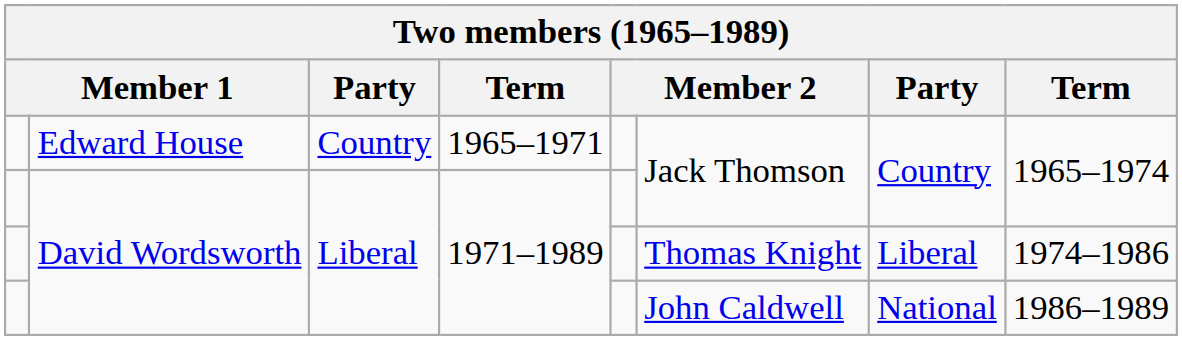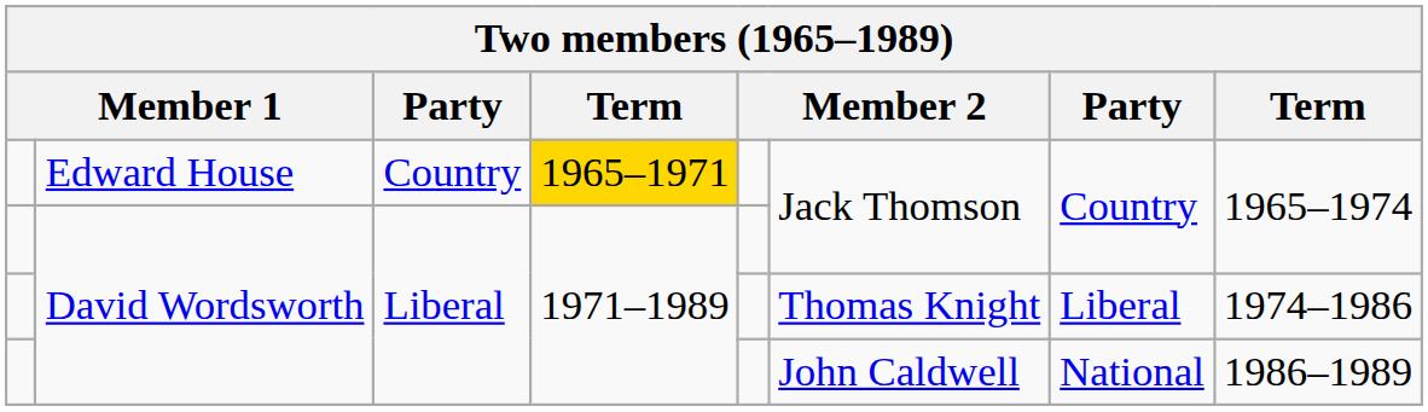 <table class="wikitable">
 <tr>
 <th colspan="8">Two members (1965–1989)</th>
 </tr>
 <tr>
 <th colspan="2">Member 1</th>
 <th>Party</th>
 <th>Term</th>
 <th colspan="2">Member 2</th>
 <th>Party</th>
 <th>Term</th>
 </tr>
 <tr>
 <td> </td>
 <td><a href='#'>Edward House</a></td>
 <td><a href='#'>Country</a></td>
-<td>1965–1971</td>
+<td style="background: gold;">1965–1971</td>
 <td> </td>
 <td rowspan="2">Jack Thomson</td>
 <td rowspan="2"><a href='#'>Country</a></td>
 <td rowspan="2">1965–1974</td>
 </tr>
 <tr>
 <td> </td>
 <td rowspan="3"><a href='#'>David Wordsworth</a></td>
 <td rowspan="3"><a href='#'>Liberal</a></td>
 <td rowspan="3">1971–1989</td>
 <td> </td>
 </tr>
 <tr>
 <td> </td>
 <td> </td>
 <td><a href='#'>Thomas Knight</a></td>
 <td><a href='#'>Liberal</a></td>
 <td>1974–1986</td>
 </tr>
 <tr>
 <td> </td>
 <td> </td>
 <td><a href='#'>John Caldwell</a></td>
 <td><a href='#'>National</a></td>
 <td>1986–1989</td>
 </tr>
 </table>
